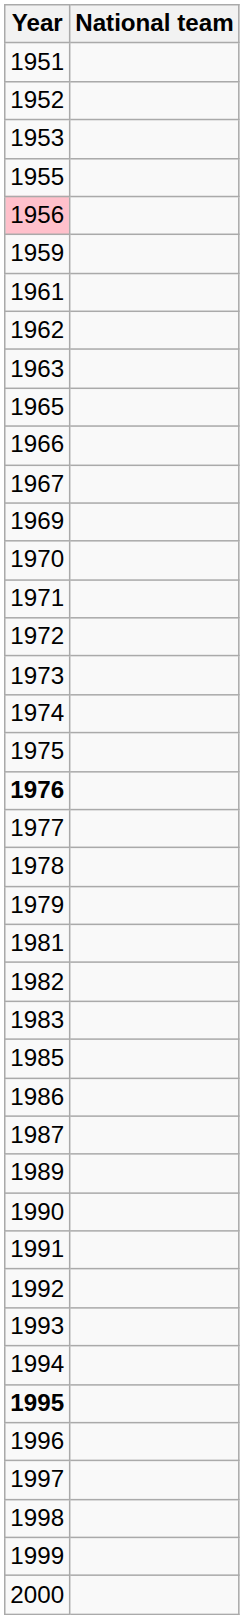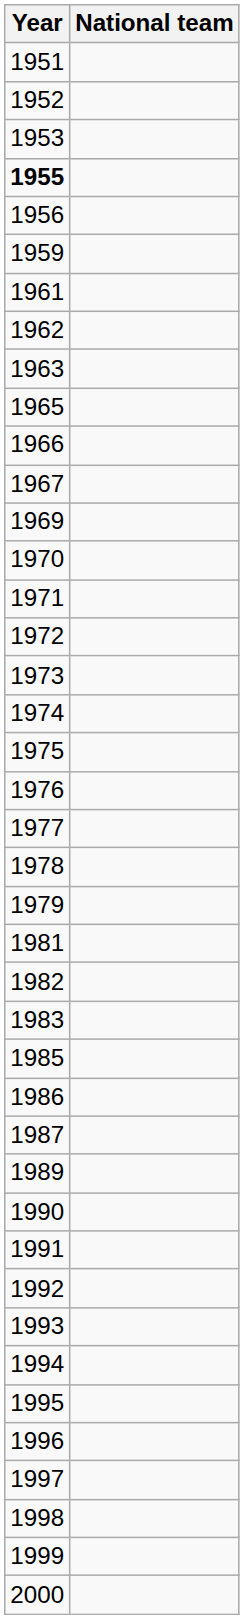 <table class="wikitable">
 <tr>
 <th>Year</th>
 <th>National team</th>
 </tr>
 <tr>
 <td>1951</td>
 <td></td>
 </tr>
 <tr>
 <td>1952</td>
 <td></td>
 </tr>
 <tr>
 <td>1953</td>
 <td></td>
 </tr>
 <tr>
-<td>1955</td>
+<td><strong>1955</strong></td>
 <td></td>
 </tr>
 <tr>
-<td style="background: pink;">1956</td>
+<td>1956</td>
 <td></td>
 </tr>
 <tr>
 <td>1959</td>
 <td></td>
 </tr>
 <tr>
 <td>1961</td>
 <td></td>
 </tr>
 <tr>
 <td>1962</td>
 <td></td>
 </tr>
 <tr>
 <td>1963</td>
 <td></td>
 </tr>
 <tr>
 <td>1965</td>
 <td></td>
 </tr>
 <tr>
 <td>1966</td>
 <td></td>
 </tr>
 <tr>
 <td>1967</td>
 <td></td>
 </tr>
 <tr>
 <td>1969</td>
 <td></td>
 </tr>
 <tr>
 <td>1970</td>
 <td></td>
 </tr>
 <tr>
 <td>1971</td>
 <td></td>
 </tr>
 <tr>
 <td>1972</td>
 <td></td>
 </tr>
 <tr>
 <td>1973</td>
 <td></td>
 </tr>
 <tr>
 <td>1974</td>
 <td></td>
 </tr>
 <tr>
 <td>1975</td>
 <td></td>
 </tr>
 <tr>
-<td><strong>1976</strong></td>
+<td>1976</td>
 <td></td>
 </tr>
 <tr>
 <td>1977</td>
 <td></td>
 </tr>
 <tr>
 <td>1978</td>
 <td></td>
 </tr>
 <tr>
 <td>1979</td>
 <td></td>
 </tr>
 <tr>
 <td>1981</td>
 <td></td>
 </tr>
 <tr>
 <td>1982</td>
 <td></td>
 </tr>
 <tr>
 <td>1983</td>
 <td></td>
 </tr>
 <tr>
 <td>1985</td>
 <td></td>
 </tr>
 <tr>
 <td>1986</td>
 <td></td>
 </tr>
 <tr>
 <td>1987</td>
 <td></td>
 </tr>
 <tr>
 <td>1989</td>
 <td></td>
 </tr>
 <tr>
 <td>1990</td>
 <td></td>
 </tr>
 <tr>
 <td>1991</td>
 <td></td>
 </tr>
 <tr>
 <td>1992</td>
 <td></td>
 </tr>
 <tr>
 <td>1993</td>
 <td></td>
 </tr>
 <tr>
 <td>1994</td>
 <td></td>
 </tr>
 <tr>
-<td><strong>1995</strong></td>
+<td>1995</td>
 <td></td>
 </tr>
 <tr>
 <td>1996</td>
 <td></td>
 </tr>
 <tr>
 <td>1997</td>
 <td></td>
 </tr>
 <tr>
 <td>1998</td>
 <td></td>
 </tr>
 <tr>
 <td>1999</td>
 <td></td>
 </tr>
 <tr>
 <td>2000</td>
 <td></td>
 </tr>
 </table>
